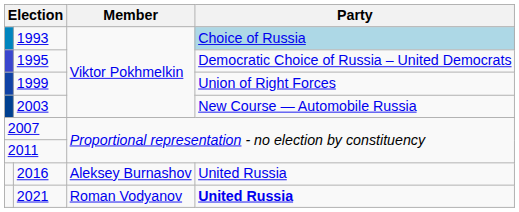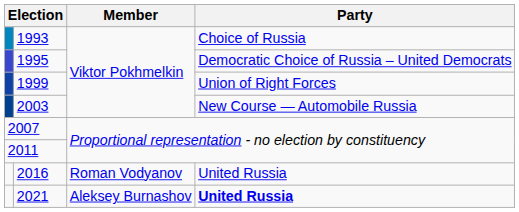 <table class="wikitable">
 <tr>
 <th colspan="2">Election</th>
 <th>Member</th>
 <th>Party</th>
 </tr>
 <tr>
 <td style="background-color:#0085BE"></td>
 <td><a href='#'>1993</a></td>
 <td rowspan=4><a href='#'>Viktor Pokhmelkin</a></td>
-<td style="background: lightblue;"><a href='#'>Choice of Russia</a></td>
+<td><a href='#'>Choice of Russia</a></td>
 </tr>
 <tr>
 <td style="background-color:#3A46CE"></td>
 <td><a href='#'>1995</a></td>
 <td><a href='#'>Democratic Choice of Russia – United Democrats</a></td>
 </tr>
 <tr>
 <td style="background-color:#1042A5"></td>
 <td><a href='#'>1999</a></td>
 <td><a href='#'>Union of Right Forces</a></td>
 </tr>
 <tr>
 <td style="background-color:#004090"></td>
 <td><a href='#'>2003</a></td>
 <td><a href='#'>New Course — Automobile Russia</a></td>
 </tr>
 <tr>
 <td colspan=2><a href='#'>2007</a></td>
 <td colspan=2 rowspan=2><em><a href='#'>Proportional representation</a> - no election by constituency</em></td>
 </tr>
 <tr>
 <td colspan=2><a href='#'>2011</a></td>
 </tr>
 <tr>
 <td style="background-color: "></td>
 <td><a href='#'>2016</a></td>
-<td><a href='#'>Aleksey Burnashov</a></td>
+<td><a href='#'>Roman Vodyanov</a></td>
 <td><a href='#'>United Russia</a></td>
 </tr>
 <tr>
 <td style="background-color: "></td>
 <td><a href='#'>2021</a></td>
-<td><a href='#'>Roman Vodyanov</a></td>
+<td><a href='#'>Aleksey Burnashov</a></td>
 <td><strong><a href='#'>United Russia</a></strong></td>
 </tr>
 </table>
